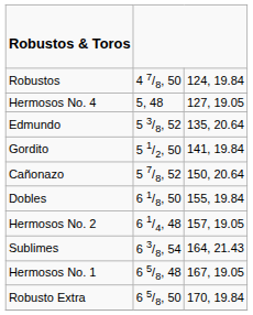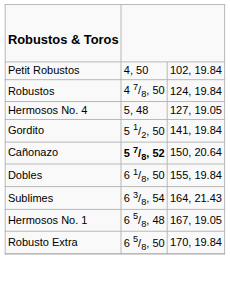 <table class="wikitable" style="font-size: 85%; margin:1em auto;">
 <tr>
 <td><br><h3>Robustos & Toros</h3></td>
+</tr>
+<tr>
+<td>Petit Robustos</td>
+<td>4, 50</td>
+<td>102, 19.84</td>
 </tr>
 <tr>
 <td>Robustos</td>
 <td>4 <sup>7</sup>/<sub>8</sub>, 50</td>
 <td>124, 19.84</td>
 </tr>
 <tr>
 <td>Hermosos No. 4</td>
 <td>5, 48</td>
 <td>127, 19.05</td>
 </tr>
 <tr>
-<td>Edmundo</td>
-<td>5 <sup>3</sup>/<sub>8</sub>, 52</td>
-<td>135, 20.64</td>
-</tr>
-<tr>
 <td>Gordito</td>
 <td>5 <sup>1</sup>/<sub>2</sub>, 50</td>
 <td>141, 19.84</td>
 </tr>
 <tr>
 <td>Cañonazo</td>
-<td>5 <sup>7</sup>/<sub>8</sub>, 52</td>
+<td><strong>5 <sup>7</sup>/<sub>8</sub>, 52</strong></td>
 <td>150, 20.64</td>
 </tr>
 <tr>
 <td>Dobles</td>
 <td>6 <sup>1</sup>/<sub>8</sub>, 50</td>
 <td>155, 19.84</td>
-</tr>
-<tr>
-<td>Hermosos No. 2</td>
-<td>6 <sup>1</sup>/<sub>4</sub>, 48</td>
-<td>157, 19.05</td>
 </tr>
 <tr>
 <td>Sublimes</td>
 <td>6 <sup>3</sup>/<sub>8</sub>, 54</td>
 <td>164, 21.43</td>
 </tr>
 <tr>
 <td>Hermosos No. 1</td>
 <td>6 <sup>5</sup>/<sub>8</sub>, 48</td>
 <td>167, 19.05</td>
 </tr>
 <tr>
 <td>Robusto Extra</td>
 <td>6 <sup>5</sup>/<sub>8</sub>, 50</td>
 <td>170, 19.84</td>
 </tr>
 <tr>
 </tr>
 </table>
